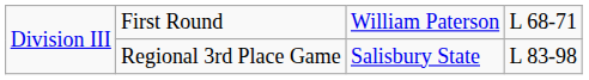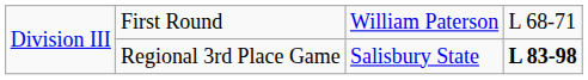 <table class="wikitable">
 <tr>
 <td rowspan="2"><a href='#'>Division III</a></td>
 <td>First Round</td>
 <td><a href='#'>William Paterson</a></td>
 <td>L 68-71</td>
 </tr>
 <tr>
 <td>Regional 3rd Place Game</td>
 <td><a href='#'>Salisbury State</a></td>
-<td>L 83-98</td>
+<td><strong>L 83-98</strong></td>
 </tr>
 </table>
